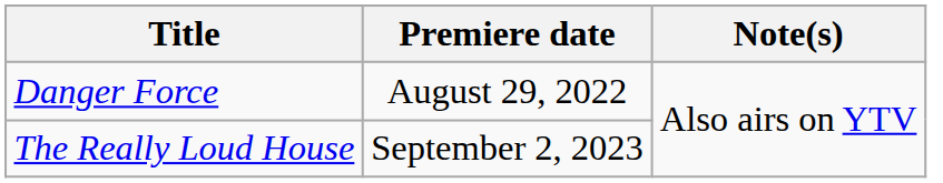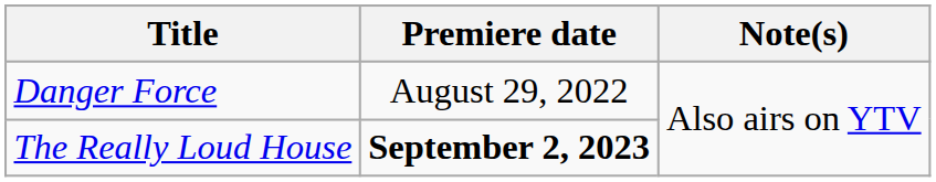 <table class="wikitable sortable" style="text-align:center;">
 <tr>
 <th scope="col">Title</th>
 <th scope="col">Premiere date</th>
 <th scope="col">Note(s)</th>
 </tr>
 <tr>
 <td scope="row" style="text-align:left;"><em><a href='#'>Danger Force</a></em></td>
 <td>August 29, 2022</td>
 <td rowspan="3">Also airs on <a href='#'>YTV</a></td>
 </tr>
 <tr>
 <td scope="row" style="text-align:left;"><em><a href='#'>The Really Loud House</a></em></td>
-<td>September 2, 2023</td>
+<td><strong>September 2, 2023</strong></td>
 </tr>
 </table>
